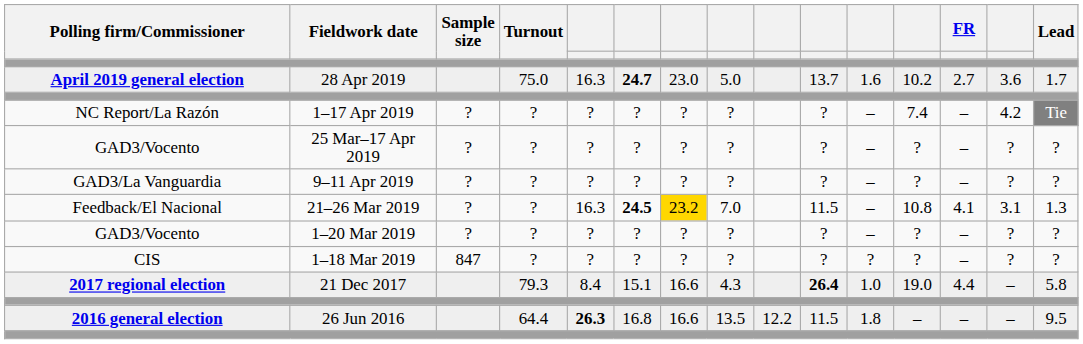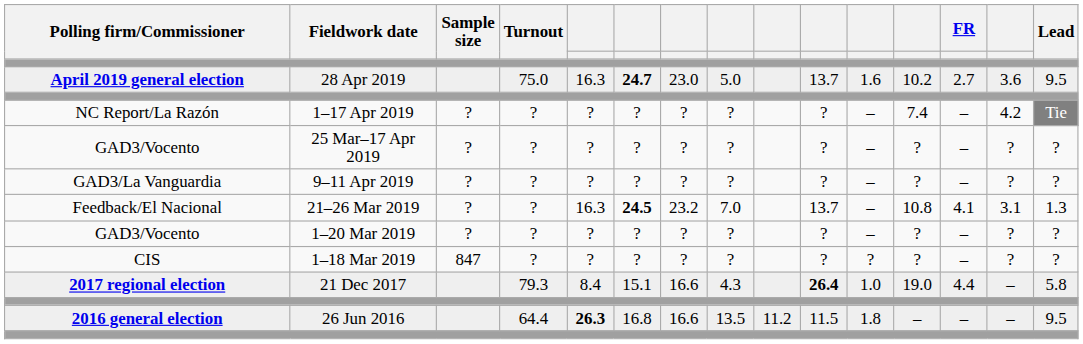 <table class="wikitable collapsible collapsed" style="text-align:center; font-size:95%; line-height:16px;">
 <tr style="height:42px;">
 <th style="width:250px;" rowspan="2">Polling firm/Commissioner</th>
 <th style="width:125px;" rowspan="2">Fieldwork date</th>
 <th style="width:50px;" rowspan="2">Sample size</th>
 <th style="width:45px;" rowspan="2">Turnout</th>
 <th style="width:35px;"></th>
 <th style="width:35px;"></th>
 <th style="width:35px;"></th>
 <th style="width:35px;"></th>
 <th style="width:35px;"></th>
 <th style="width:35px;"></th>
 <th style="width:35px;"></th>
 <th style="width:35px;"></th>
 <th style="width:35px;"><a href='#'>FR</a></th>
 <th style="width:35px;"></th>
 <th style="width:30px;" rowspan="2">Lead</th>
 </tr>
 <tr>
 <th style="color:inherit;background:"></th>
 <th style="color:inherit;background:"></th>
 <th style="color:inherit;background:"></th>
 <th style="color:inherit;background:"></th>
 <th style="color:inherit;background:"></th>
 <th style="color:inherit;background:"></th>
 <th style="color:inherit;background:"></th>
 <th style="color:inherit;background:"></th>
 <th style="color:inherit;background:"></th>
 <th style="color:inherit;background:"></th>
 </tr>
 <tr>
 <td colspan="15" style="background:#A0A0A0"></td>
 </tr>
 <tr style="background:#EFEFEF;">
 <td><strong><a href='#'>April 2019 general election</a></strong></td>
 <td>28 Apr 2019</td>
 <td></td>
 <td>75.0</td>
 <td>16.3<br></td>
 <td><strong>24.7</strong><br></td>
 <td>23.0<br></td>
 <td>5.0<br></td>
 <td></td>
 <td>13.7<br></td>
 <td>1.6<br></td>
 <td>10.2<br></td>
 <td>2.7<br></td>
 <td>3.6<br></td>
-<td style="background:">1.7</td>
+<td style="background:">9.5</td>
 </tr>
 <tr>
 <td colspan="15" style="background:#A0A0A0"></td>
 </tr>
 <tr>
 <td>NC Report/La Razón</td>
 <td>1–17 Apr 2019</td>
 <td>?</td>
 <td>?</td>
 <td>?<br></td>
 <td>?<br></td>
 <td>?<br></td>
 <td>?<br></td>
 <td></td>
 <td>?<br></td>
 <td>–</td>
 <td>7.4<br></td>
 <td>–</td>
 <td>4.2<br></td>
 <td style="background:gray;color:white;">Tie</td>
 </tr>
 <tr>
 <td>GAD3/Vocento</td>
 <td>25 Mar–17 Apr 2019</td>
 <td>?</td>
 <td>?</td>
 <td>?<br></td>
 <td>?<br></td>
 <td>?<br></td>
 <td>?<br></td>
 <td></td>
 <td>?<br></td>
 <td>–</td>
 <td>?<br></td>
 <td>–</td>
 <td>?<br></td>
 <td style="background:">?</td>
 </tr>
 <tr>
 <td>GAD3/La Vanguardia</td>
 <td>9–11 Apr 2019</td>
 <td>?</td>
 <td>?</td>
 <td>?<br></td>
 <td>?<br></td>
 <td>?<br></td>
 <td>?<br></td>
 <td></td>
 <td>?<br></td>
 <td>–</td>
 <td>?<br></td>
 <td>–</td>
 <td>?<br></td>
 <td style="background:">?</td>
 </tr>
 <tr>
 <td>Feedback/El Nacional</td>
 <td>21–26 Mar 2019</td>
 <td>?</td>
 <td>?</td>
 <td>16.3<br></td>
 <td><strong>24.5</strong><br></td>
-<td style="background: gold;">23.2<br></td>
+<td>23.2<br></td>
 <td>7.0<br></td>
 <td></td>
-<td>11.5<br></td>
+<td>13.7<br></td>
 <td>–</td>
 <td>10.8<br></td>
 <td>4.1<br></td>
 <td>3.1<br></td>
 <td style="background:">1.3</td>
 </tr>
 <tr>
 <td>GAD3/Vocento</td>
 <td>1–20 Mar 2019</td>
 <td>?</td>
 <td>?</td>
 <td>?<br></td>
 <td>?<br></td>
 <td>?<br></td>
 <td>?<br></td>
 <td></td>
 <td>?<br></td>
 <td>–</td>
 <td>?<br></td>
 <td>–</td>
 <td>?<br></td>
 <td style="background:">?</td>
 </tr>
 <tr>
 <td>CIS</td>
 <td>1–18 Mar 2019</td>
 <td>847</td>
 <td>?</td>
 <td>?<br></td>
 <td>?<br></td>
 <td>?<br></td>
 <td>?<br></td>
 <td></td>
 <td>?<br></td>
 <td>?<br></td>
 <td>?<br></td>
 <td>–</td>
 <td>?<br></td>
 <td style="background:">?</td>
 </tr>
 <tr style="background:#EFEFEF;">
 <td><strong><a href='#'>2017 regional election</a></strong></td>
 <td>21 Dec 2017</td>
 <td></td>
 <td>79.3</td>
 <td>8.4<br></td>
 <td>15.1<br></td>
 <td>16.6<br></td>
 <td>4.3<br></td>
 <td></td>
 <td><strong>26.4</strong><br></td>
 <td>1.0<br></td>
 <td>19.0<br></td>
 <td>4.4<br></td>
 <td>–</td>
 <td style="background:">5.8</td>
 </tr>
 <tr>
 <td colspan="15" style="background:#A0A0A0"></td>
 </tr>
 <tr style="background:#EFEFEF;">
 <td><strong><a href='#'>2016 general election</a></strong></td>
 <td>26 Jun 2016</td>
 <td></td>
 <td>64.4</td>
 <td><strong>26.3</strong><br></td>
 <td>16.8<br></td>
 <td>16.6<br></td>
 <td>13.5<br></td>
-<td>12.2<br></td>
+<td>11.2<br></td>
 <td>11.5<br></td>
 <td>1.8<br></td>
 <td>–</td>
 <td>–</td>
 <td>–</td>
 <td style="background:">9.5</td>
 </tr>
 <tr>
 <td colspan="15" style="background:#A0A0A0"></td>
 </tr>
 </table>
